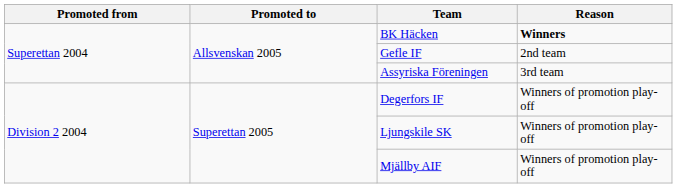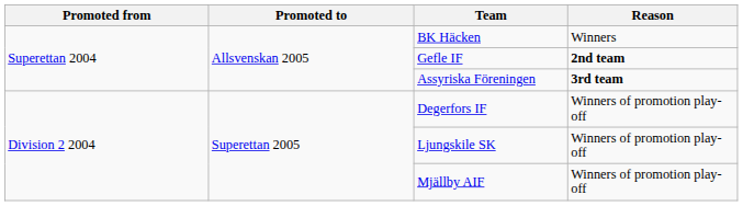 <table class="wikitable" style="text-align: left;">
 <tr>
 <th style="width: 275px;">Promoted from</th>
 <th style="width: 275px;">Promoted to</th>
 <th style="width: 200px;">Team</th>
 <th style="width: 225px;">Reason</th>
 </tr>
 <tr>
 <td rowspan=3><a href='#'>Superettan</a> 2004</td>
 <td rowspan=3><a href='#'>Allsvenskan</a> 2005</td>
 <td><a href='#'>BK Häcken</a></td>
-<td><strong>Winners</strong></td>
+<td>Winners</td>
 </tr>
 <tr>
 <td><a href='#'>Gefle IF</a></td>
-<td>2nd team</td>
+<td><strong>2nd team</strong></td>
 </tr>
 <tr>
 <td><a href='#'>Assyriska Föreningen</a></td>
-<td>3rd team</td>
+<td><strong>3rd team</strong></td>
 </tr>
 <tr>
 <td rowspan=3><a href='#'>Division 2</a> 2004</td>
 <td rowspan=3><a href='#'>Superettan</a> 2005</td>
 <td><a href='#'>Degerfors IF</a></td>
 <td>Winners of promotion play-off</td>
 </tr>
 <tr>
 <td><a href='#'>Ljungskile SK</a></td>
 <td>Winners of promotion play-off</td>
 </tr>
 <tr>
 <td><a href='#'>Mjällby AIF</a></td>
 <td>Winners of promotion play-off</td>
 </tr>
 </table>
